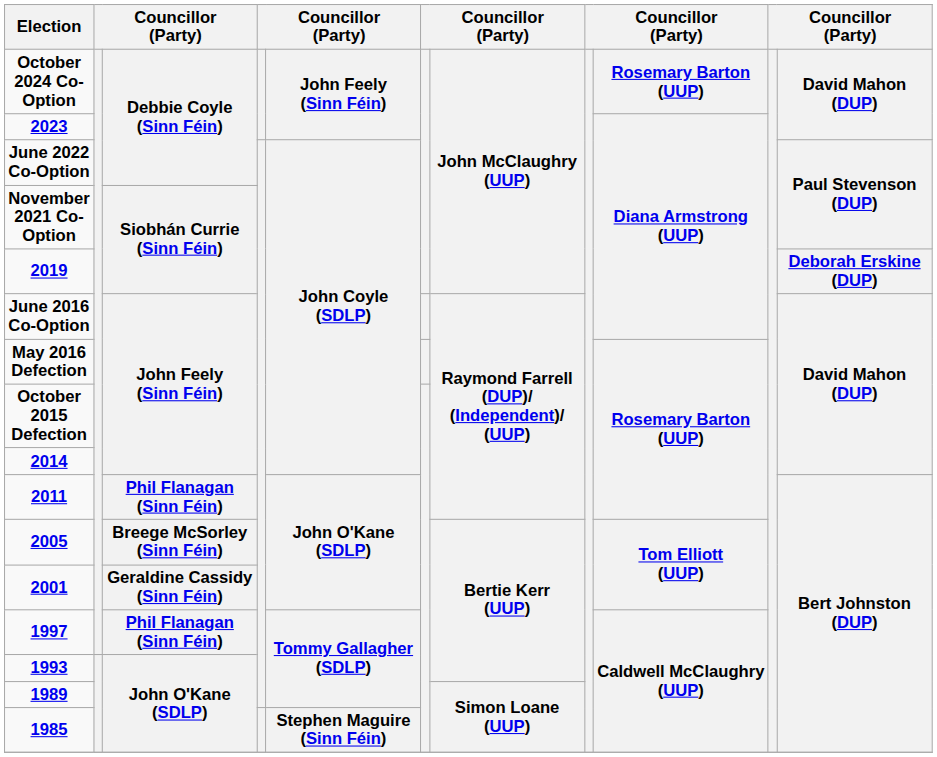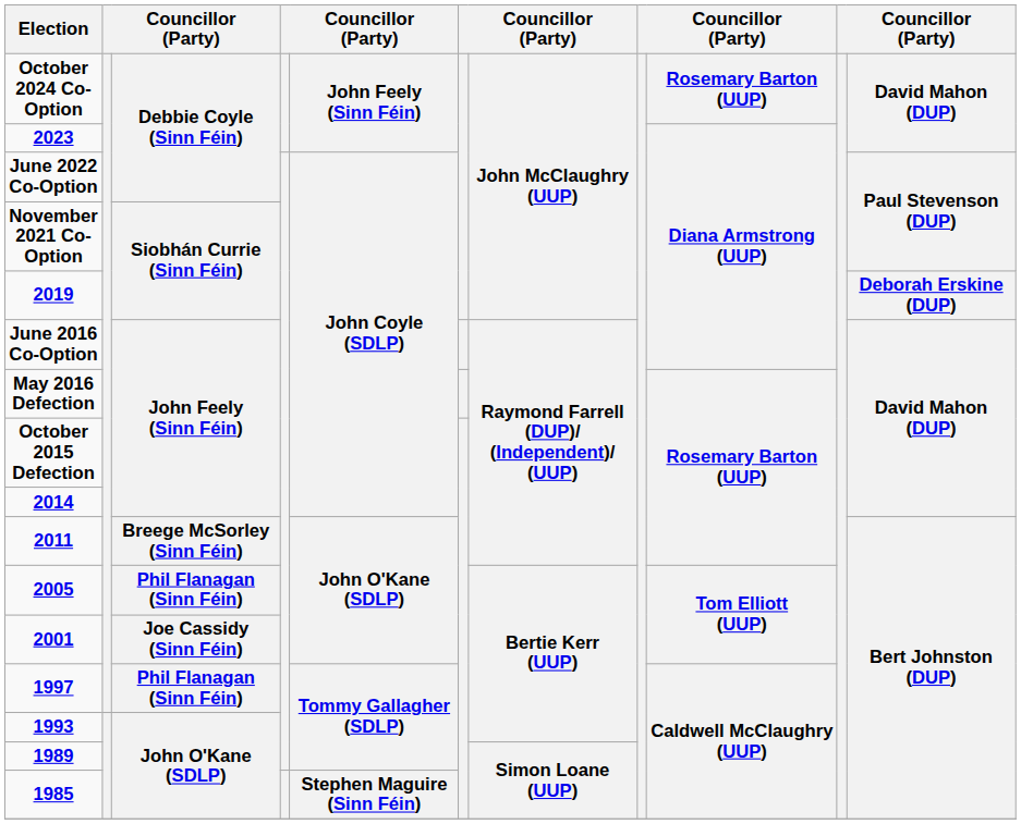 <table class="wikitable" style="text-align:center">
 <tr>
 <th scope="col" width="50">Election</th>
 <th scope="col" width="150" colspan = "2">Councillor<br> (Party)</th>
 <th scope="col" width="150" colspan = "2">Councillor<br> (Party)</th>
 <th scope="col" width="150" colspan = "2">Councillor<br> (Party)</th>
 <th scope="col" width="150" colspan = "2">Councillor<br> (Party)</th>
 <th scope="col" width="150" colspan = "2">Councillor<br> (Party)</th>
 </tr>
 <tr>
 <td><strong>October 2024 Co-Option</strong></td>
 <th rowspan="13" width="1" style="background-color: "></th>
 <th rowspan = "3">Debbie Coyle <br> (<a href='#'>Sinn Féin</a>)</th>
 <th rowspan="2" width="1" style="background-color: "></th>
 <th rowspan = "2">John Feely <br> (<a href='#'>Sinn Féin</a>)</th>
 <th rowspan="5" width="1" style="background-color: "></th>
 <th rowspan = "5">John McClaughry <br> (<a href='#'>UUP</a>)</th>
 <th rowspan="16" width="1" style="background-color: "></th>
 <th rowspan = "1"><a href='#'>Rosemary Barton</a> <br> (<a href='#'>UUP</a>)</th>
 <th rowspan="16" width="1" style="background-color: "></th>
 <th rowspan = "2">David Mahon <br> (<a href='#'>DUP</a>)</th>
 </tr>
 <tr>
 <td><strong><a href='#'>2023</a></strong></td>
 <th rowspan = "5"><a href='#'>Diana Armstrong</a> <br> (<a href='#'>UUP</a>)</th>
 </tr>
 <tr>
 <td><strong>June 2022 Co-Option</strong></td>
 <th rowspan="13" width="1" style="background-color: "></th>
 <th rowspan = "7">John Coyle <br> (<a href='#'>SDLP</a>)</th>
 <th rowspan = "2">Paul Stevenson <br> (<a href='#'>DUP</a>)</th>
 </tr>
 <tr>
 <td><strong>November 2021 Co-Option</strong></td>
 <th rowspan = "2">Siobhán Currie <br> (<a href='#'>Sinn Féin</a>)</th>
 </tr>
 <tr>
 <td><strong><a href='#'>2019</a></strong></td>
 <th rowspan = "1"><a href='#'>Deborah Erskine</a> <br> (<a href='#'>DUP</a>)</th>
 </tr>
 <tr>
 <td><strong>June 2016 Co-Option</strong></td>
 <th rowspan = "4">John Feely <br> (<a href='#'>Sinn Féin</a>)</th>
 <th rowspan="1" width="1" style="background-color: "></th>
 <th rowspan = "5">Raymond Farrell <br> (<a href='#'>DUP</a>)/ <br> (<a href='#'>Independent</a>)/ <br> (<a href='#'>UUP</a>)</th>
 <th rowspan = "4">David Mahon <br> (<a href='#'>DUP</a>)</th>
 </tr>
 <tr>
 <td><strong>May 2016 Defection</strong></td>
 <th rowspan="1" width="1" style="background-color: "></th>
 <th rowspan = "4"><a href='#'>Rosemary Barton</a> <br> (<a href='#'>UUP</a>)</th>
 </tr>
 <tr>
 <td><strong>October 2015 Defection</strong></td>
 <th rowspan="9" width="1" style="background-color: "></th>
 </tr>
 <tr>
 <td><strong><a href='#'>2014</a></strong></td>
 </tr>
 <tr>
 <td><strong><a href='#'>2011</a></strong></td>
-<th rowspan = "1"><a href='#'>Phil Flanagan</a> <br> (<a href='#'>Sinn Féin</a>)</th>
+<th rowspan = "1">Breege McSorley <br> (<a href='#'>Sinn Féin</a>)</th>
 <th rowspan = "3">John O'Kane <br> (<a href='#'>SDLP</a>)</th>
 <th rowspan = "7">Bert Johnston <br> (<a href='#'>DUP</a>)</th>
 </tr>
 <tr>
 <td><strong><a href='#'>2005</a></strong></td>
-<th rowspan = "1">Breege McSorley <br> (<a href='#'>Sinn Féin</a>)</th>
+<th rowspan = "1"><a href='#'>Phil Flanagan</a> <br> (<a href='#'>Sinn Féin</a>)</th>
 <th rowspan = "4">Bertie Kerr <br> (<a href='#'>UUP</a>)</th>
 <th rowspan = "2"><a href='#'>Tom Elliott</a> <br> (<a href='#'>UUP</a>)</th>
 </tr>
 <tr>
 <td><strong><a href='#'>2001</a></strong></td>
-<th rowspan = "1">Geraldine Cassidy <br> (<a href='#'>Sinn Féin</a>)</th>
+<th rowspan = "1">Joe Cassidy <br> (<a href='#'>Sinn Féin</a>)</th>
 </tr>
 <tr>
 <td><strong><a href='#'>1997</a></strong></td>
 <th rowspan = "1"><a href='#'>Phil Flanagan</a> <br> (<a href='#'>Sinn Féin</a>)</th>
 <th rowspan = "3"><a href='#'>Tommy Gallagher</a> <br> (<a href='#'>SDLP</a>)</th>
 <th rowspan = "4">Caldwell McClaughry <br> (<a href='#'>UUP</a>)</th>
 </tr>
 <tr>
 <td><strong><a href='#'>1993</a></strong></td>
 <th rowspan="3" width="1" style="background-color: "></th>
 <th rowspan = "3">John O'Kane <br> (<a href='#'>SDLP</a>)</th>
 </tr>
 <tr>
 <td><strong><a href='#'>1989</a></strong></td>
 <th rowspan = "2">Simon Loane <br> (<a href='#'>UUP</a>)</th>
 </tr>
 <tr>
 <td><strong><a href='#'>1985</a></strong></td>
 <th rowspan="1" width="1" style="background-color: "></th>
 <th rowspan = "1">Stephen Maguire <br> (<a href='#'>Sinn Féin</a>)</th>
 </tr>
 <tr>
 </tr>
 </table>
